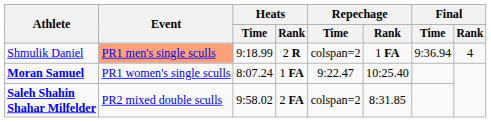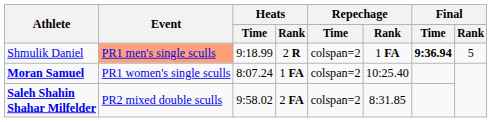 <table class="wikitable" style="font-size:90%">
 <tr>
 <th rowspan=2>Athlete</th>
 <th rowspan=2>Event</th>
 <th colspan=2>Heats</th>
 <th colspan=2>Repechage</th>
 <th colspan=2>Final</th>
 </tr>
 <tr style="font-size:95%">
 <th>Time</th>
 <th>Rank</th>
 <th>Time</th>
 <th>Rank</th>
 <th>Time</th>
 <th>Rank</th>
 </tr>
 <tr align=center>
 <td align=left><a href='#'>Shmulik Daniel</a></td>
 <td align=left style="background: lightsalmon;"><a href='#'>PR1 men's single sculls</a></td>
 <td>9:18.99</td>
 <td>2 <strong>R</strong></td>
 <td>colspan=2 </td>
 <td>1 <strong>FA</strong></td>
-<td>9:36.94</td>
-<td>4</td>
+<td><strong>9:36.94</strong></td>
+<td>5</td>
 </tr>
 <tr align=center>
 <td align=left><strong><a href='#'>Moran Samuel</a></strong></td>
 <td align=left><a href='#'>PR1 women's single sculls</a></td>
 <td>8:07.24</td>
 <td>1 <strong>FA</strong></td>
-<td>9:22.47</td>
+<td>colspan=2 </td>
 <td>10:25.40</td>
 <td></td>
 </tr>
 <tr align=center>
 <td align=left><strong><a href='#'>Saleh Shahin</a><br><a href='#'>Shahar Milfelder</a></strong></td>
 <td align=left><a href='#'>PR2 mixed double sculls</a></td>
 <td>9:58.02 </td>
 <td>2 <strong>FA</strong></td>
 <td>colspan=2 </td>
 <td>8:31.85</td>
 <td></td>
 </tr>
 </table>
